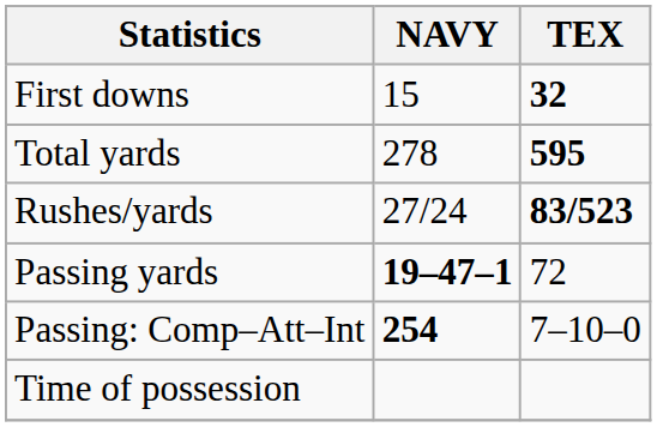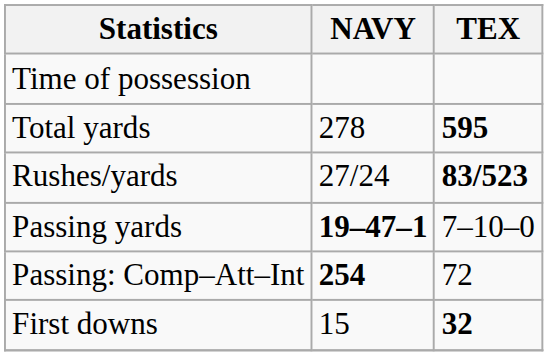 <table class="wikitable" style="float: left;">
 <tr>
 <th>Statistics</th>
 <th>NAVY</th>
 <th>TEX</th>
 </tr>
 <tr>
-<td>First downs</td>
-<td>15</td>
-<td><strong>32</strong></td>
+<td>Time of possession</td>
+<td></td>
+<td></td>
 </tr>
 <tr>
 <td>Total yards</td>
 <td>278</td>
 <td><strong>595</strong></td>
 </tr>
 <tr>
 <td>Rushes/yards</td>
 <td>27/24</td>
 <td><strong>83/523</strong></td>
 </tr>
 <tr>
 <td>Passing yards</td>
 <td><strong>19–47–1</strong></td>
-<td>72</td>
+<td>7–10–0</td>
 </tr>
 <tr>
 <td>Passing: Comp–Att–Int</td>
 <td><strong>254</strong></td>
-<td>7–10–0</td>
+<td>72</td>
 </tr>
 <tr>
-<td>Time of possession</td>
-<td></td>
-<td></td>
+<td>First downs</td>
+<td>15</td>
+<td><strong>32</strong></td>
 </tr>
 <tr>
 </tr>
 </table>
